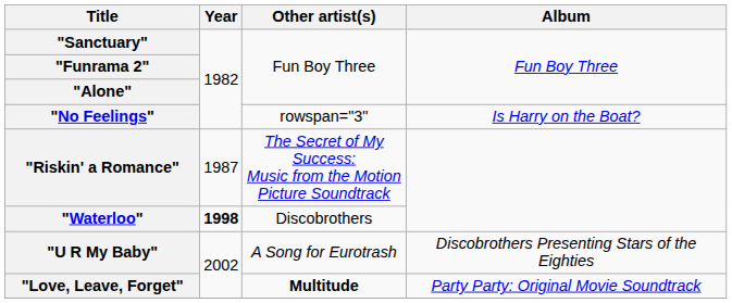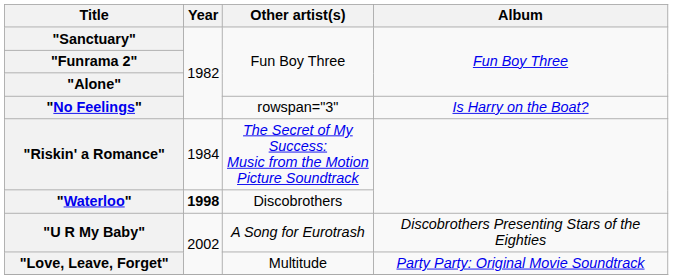 <table class="wikitable plainrowheaders" style="text-align:center;">
 <tr>
 <th scope="col" style="width:12em;">Title</th>
 <th scope="col" style="width:1em;">Year</th>
 <th scope="col" style="width:10em;">Other artist(s)</th>
 <th scope="col" style="width:20em;">Album</th>
 </tr>
 <tr>
 <th scope="row">"Sanctuary"</th>
 <td rowspan="4">1982</td>
 <td rowspan="3">Fun Boy Three</td>
 <td rowspan="3"><em><a href='#'>Fun Boy Three</a></em></td>
 </tr>
 <tr>
 <th scope="row">"Funrama 2"</th>
 </tr>
 <tr>
 <th scope="row">"Alone"</th>
 </tr>
 <tr>
 <th scope="row">"<a href='#'>No Feelings</a>"</th>
 <td>rowspan="3" </td>
 <td><em><a href='#'>Is Harry on the Boat?</a></em></td>
 </tr>
 <tr>
 <th scope="row">"Riskin' a Romance"</th>
-<td>1987</td>
+<td>1984</td>
 <td><em><a href='#'>The Secret of My Success:<br>Music from the Motion Picture Soundtrack</a></em></td>
 </tr>
 <tr>
 <th scope="row">"<a href='#'>Waterloo</a>"</th>
 <td><strong>1998</strong></td>
 <td>Discobrothers</td>
 </tr>
 <tr>
 <th scope="row">"U R My Baby"</th>
 <td rowspan="2">2002</td>
 <td><em>A Song for Eurotrash</em></td>
 <td><em>Discobrothers Presenting Stars of the Eighties</em></td>
 </tr>
 <tr>
 <th scope="row">"Love, Leave, Forget"</th>
-<td><strong>Multitude</strong></td>
+<td>Multitude</td>
 <td><em><a href='#'>Party Party: Original Movie Soundtrack</a></em></td>
 </tr>
 <tr>
 </tr>
 </table>
